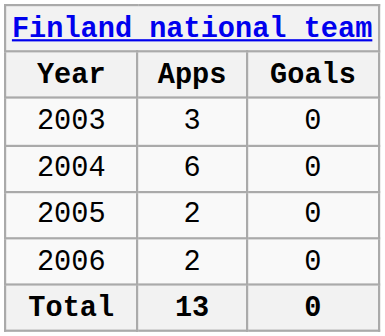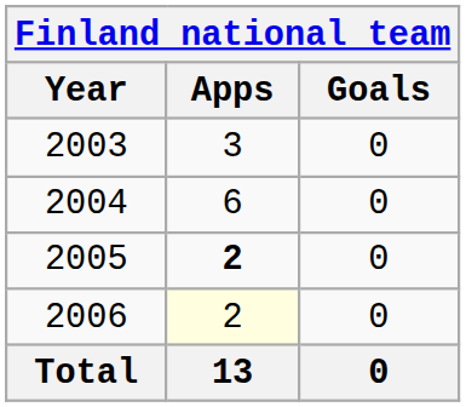 <table class="wikitable" style="text-align:center">
 <tr>
 <th colspan=3><a href='#'>Finland national team</a></th>
 </tr>
 <tr>
 <th>Year</th>
 <th>Apps</th>
 <th>Goals</th>
 </tr>
 <tr>
 <td>2003</td>
 <td>3</td>
 <td>0</td>
 </tr>
 <tr>
 <td>2004</td>
 <td>6</td>
 <td>0</td>
 </tr>
 <tr>
 <td>2005</td>
-<td>2</td>
+<td><strong>2</strong></td>
 <td>0</td>
 </tr>
 <tr>
 <td>2006</td>
-<td>2</td>
+<td style="background: lightyellow;">2</td>
 <td>0</td>
 </tr>
 <tr>
 <th>Total</th>
 <th>13</th>
 <th>0</th>
 </tr>
 </table>
